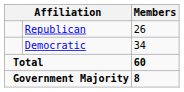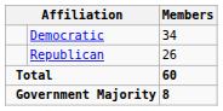 <table class="wikitable">
 <tr>
 <th colspan="2">Affiliation</th>
 <th>Members</th>
 </tr>
 <tr>
 <td style="background-color:"> </td>
-<td><a href='#'>Republican</a></td>
-<td>26</td>
+<td><a href='#'>Democratic</a></td>
+<td>34</td>
 </tr>
 <tr>
 <td style="background-color:"> </td>
-<td><a href='#'>Democratic</a></td>
-<td>34</td>
+<td><a href='#'>Republican</a></td>
+<td>26</td>
 </tr>
 <tr>
 <td colspan="2" rowspan="1"> <strong>Total</strong></td>
 <td><strong>60</strong></td>
 </tr>
 <tr>
 <td colspan="2" rowspan="1"> <strong>Government Majority</strong></td>
 <td><strong>8</strong></td>
 </tr>
 </table>
